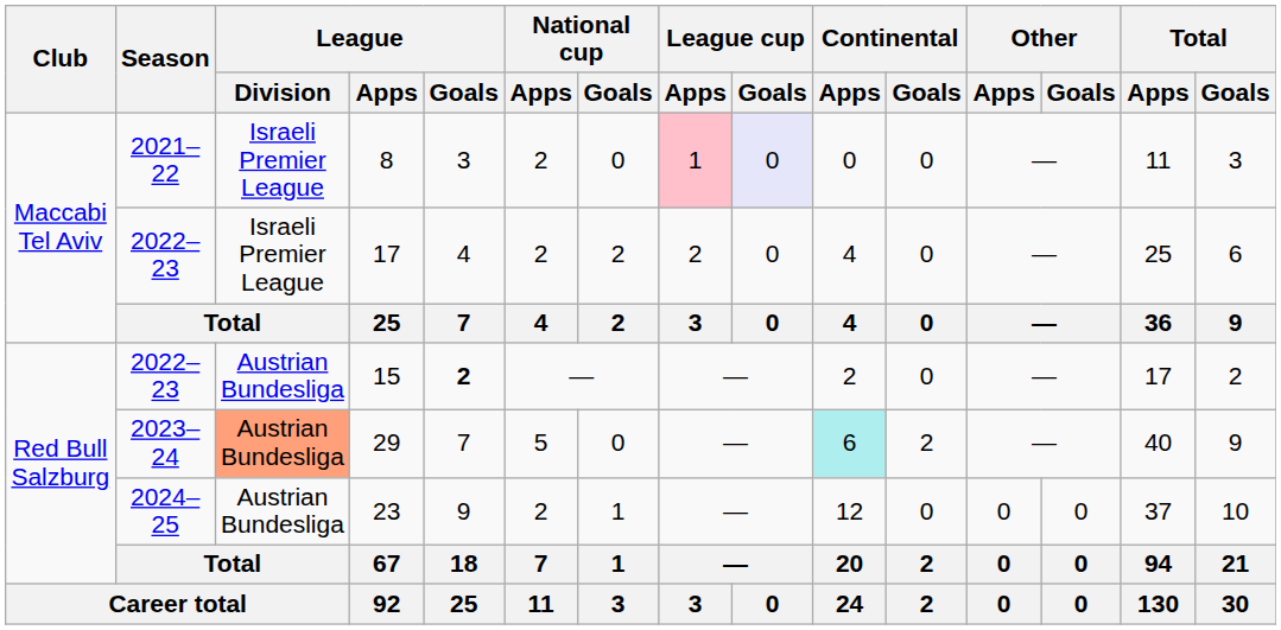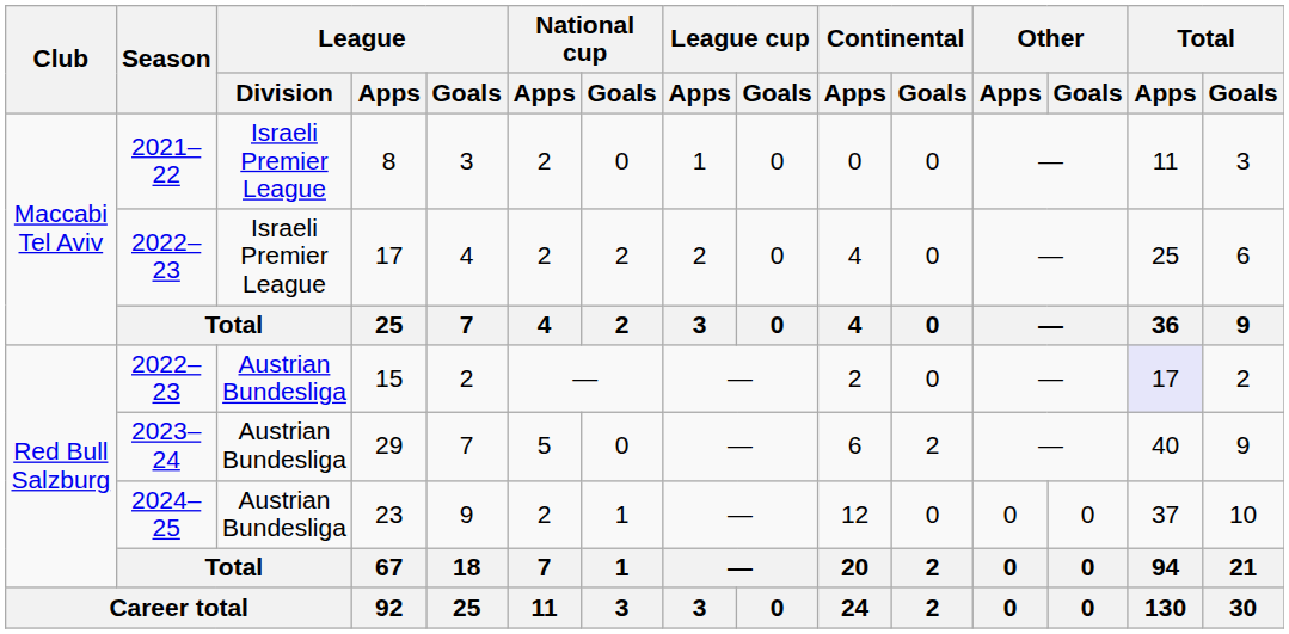 <table class="wikitable" style="text-align: center">
 <tr>
 <th rowspan="2">Club</th>
 <th rowspan="2">Season</th>
 <th colspan="3">League</th>
 <th colspan="2">National cup</th>
 <th colspan="2">League cup</th>
 <th colspan="2">Continental</th>
 <th colspan="2">Other</th>
 <th colspan="2">Total</th>
 </tr>
 <tr>
 <th>Division</th>
 <th>Apps</th>
 <th>Goals</th>
 <th>Apps</th>
 <th>Goals</th>
 <th>Apps</th>
 <th>Goals</th>
 <th>Apps</th>
 <th>Goals</th>
 <th>Apps</th>
 <th>Goals</th>
 <th>Apps</th>
 <th>Goals</th>
 </tr>
 <tr>
 <td rowspan="3"><a href='#'>Maccabi Tel Aviv</a></td>
 <td><a href='#'>2021–22</a></td>
 <td><a href='#'>Israeli Premier League</a></td>
 <td>8</td>
 <td>3</td>
 <td>2</td>
 <td>0</td>
-<td style="background: pink;">1</td>
-<td style="background: lavender;">0</td>
+<td>1</td>
+<td>0</td>
 <td>0</td>
 <td>0</td>
 <td colspan="2">—</td>
 <td>11</td>
 <td>3</td>
 </tr>
 <tr>
 <td><a href='#'>2022–23</a></td>
 <td>Israeli Premier League</td>
 <td>17</td>
 <td>4</td>
 <td>2</td>
 <td>2</td>
 <td>2</td>
 <td>0</td>
 <td>4</td>
 <td>0</td>
 <td colspan="2">—</td>
 <td>25</td>
 <td>6</td>
 </tr>
 <tr>
 <th colspan="2">Total</th>
 <th>25</th>
 <th>7</th>
 <th>4</th>
 <th>2</th>
 <th>3</th>
 <th>0</th>
 <th>4</th>
 <th>0</th>
 <th colspan="2">—</th>
 <th>36</th>
 <th>9</th>
 </tr>
 <tr>
 <td rowspan="4"><a href='#'>Red Bull Salzburg</a></td>
 <td><a href='#'>2022–23</a></td>
 <td><a href='#'>Austrian Bundesliga</a></td>
 <td>15</td>
-<td><strong>2</strong></td>
+<td>2</td>
 <td colspan="2">—</td>
 <td colspan="2">—</td>
 <td>2</td>
 <td>0</td>
 <td colspan="2">—</td>
-<td>17</td>
+<td style="background: lavender;">17</td>
 <td>2</td>
 </tr>
 <tr>
 <td><a href='#'>2023–24</a></td>
-<td style="background: lightsalmon;">Austrian Bundesliga</td>
+<td>Austrian Bundesliga</td>
 <td>29</td>
 <td>7</td>
 <td>5</td>
 <td>0</td>
 <td colspan="2">—</td>
-<td style="background: paleturquoise;">6</td>
+<td>6</td>
 <td>2</td>
 <td colspan="2">—</td>
 <td>40</td>
 <td>9</td>
 </tr>
 <tr>
 <td><a href='#'>2024–25</a></td>
 <td>Austrian Bundesliga</td>
 <td>23</td>
 <td>9</td>
 <td>2</td>
 <td>1</td>
 <td colspan="2">—</td>
 <td>12</td>
 <td>0</td>
 <td>0</td>
 <td>0</td>
 <td>37</td>
 <td>10</td>
 </tr>
 <tr>
 <th colspan="2">Total</th>
 <th>67</th>
 <th>18</th>
 <th>7</th>
 <th>1</th>
 <th colspan="2">—</th>
 <th>20</th>
 <th>2</th>
 <th>0</th>
 <th>0</th>
 <th>94</th>
 <th>21</th>
 </tr>
 <tr>
 <th colspan="3">Career total</th>
 <th>92</th>
 <th>25</th>
 <th>11</th>
 <th>3</th>
 <th>3</th>
 <th>0</th>
 <th>24</th>
 <th>2</th>
 <th>0</th>
 <th>0</th>
 <th>130</th>
 <th>30</th>
 </tr>
 </table>
